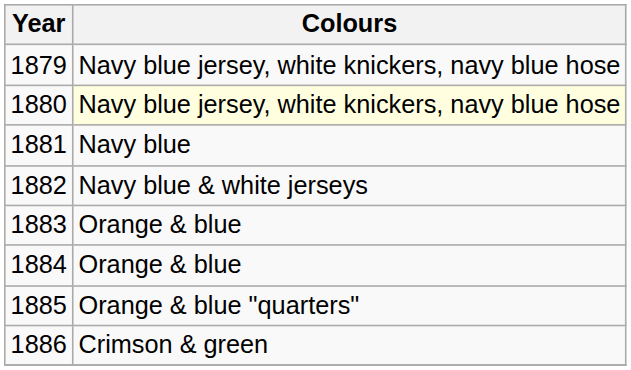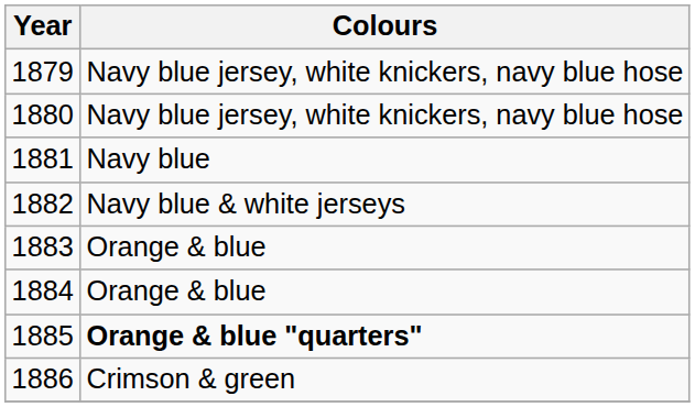 <table class="wikitable">
 <tr>
 <th>Year</th>
 <th>Colours</th>
 </tr>
 <tr>
 <td>1879</td>
 <td>Navy blue jersey, white knickers, navy blue hose</td>
 </tr>
 <tr>
 <td>1880</td>
-<td style="background: lightyellow;">Navy blue jersey, white knickers, navy blue hose</td>
+<td>Navy blue jersey, white knickers, navy blue hose</td>
 </tr>
 <tr>
 <td>1881</td>
 <td>Navy blue</td>
 </tr>
 <tr>
 <td>1882</td>
 <td>Navy blue & white jerseys</td>
 </tr>
 <tr>
 <td>1883</td>
 <td>Orange & blue</td>
 </tr>
 <tr>
 <td>1884</td>
 <td>Orange & blue</td>
 </tr>
 <tr>
 <td>1885</td>
-<td>Orange & blue "quarters"</td>
+<td><strong>Orange & blue "quarters"</strong></td>
 </tr>
 <tr>
 <td>1886</td>
 <td>Crimson & green</td>
 </tr>
 <tr>
 </tr>
 </table>
